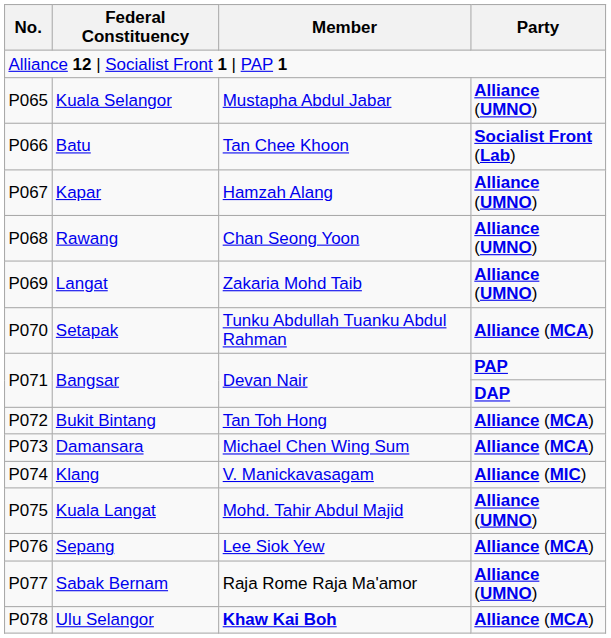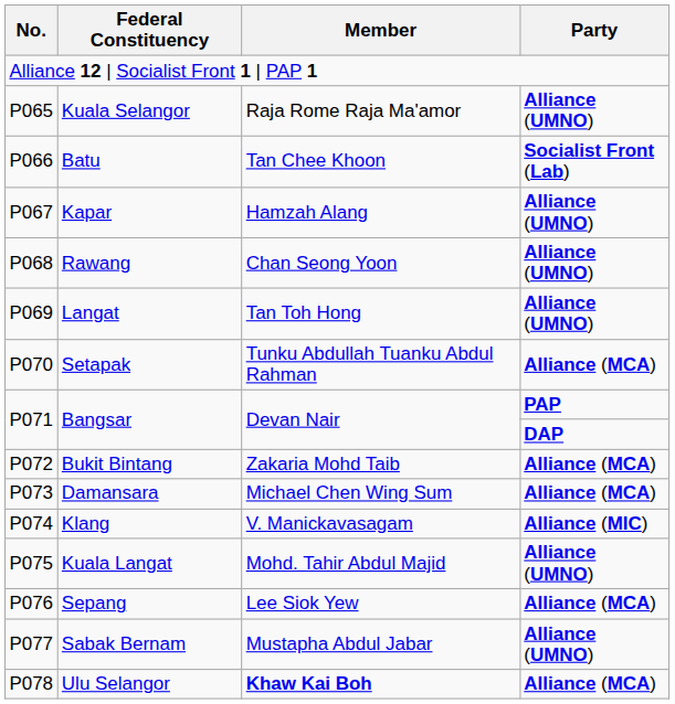 <table class="wikitable sortable">
 <tr>
 <th style="width:30px;">No.</th>
 <th style="width:150px;">Federal Constituency</th>
 <th style="width:230px;">Member</th>
 <th style="width:120px;">Party</th>
 </tr>
 <tr>
 <td colspan="4"><a href='#'>Alliance</a> <strong>12</strong> | <a href='#'>Socialist Front</a> <strong>1</strong> | <a href='#'>PAP</a> <strong>1</strong></td>
 </tr>
 <tr>
 <td>P065</td>
 <td><a href='#'>Kuala Selangor</a></td>
-<td><a href='#'>Mustapha Abdul Jabar</a></td>
+<td>Raja Rome Raja Ma'amor</td>
 <td><strong><a href='#'>Alliance</a></strong> (<strong><a href='#'>UMNO</a></strong>)</td>
 </tr>
 <tr>
 <td>P066</td>
 <td><a href='#'>Batu</a></td>
 <td><a href='#'>Tan Chee Khoon</a></td>
 <td><strong><a href='#'>Socialist Front</a></strong> (<strong><a href='#'>Lab</a></strong>)</td>
 </tr>
 <tr>
 <td>P067</td>
 <td><a href='#'>Kapar</a></td>
 <td><a href='#'>Hamzah Alang</a></td>
 <td><strong><a href='#'>Alliance</a></strong> (<strong><a href='#'>UMNO</a></strong>)</td>
 </tr>
 <tr>
 <td>P068</td>
 <td><a href='#'>Rawang</a></td>
 <td><a href='#'>Chan Seong Yoon</a></td>
 <td><strong><a href='#'>Alliance</a></strong> (<strong><a href='#'>UMNO</a></strong>)</td>
 </tr>
 <tr>
 <td>P069</td>
 <td><a href='#'>Langat</a></td>
-<td><a href='#'>Zakaria Mohd Taib</a></td>
+<td><a href='#'>Tan Toh Hong</a></td>
 <td><strong><a href='#'>Alliance</a></strong> (<strong><a href='#'>UMNO</a></strong>)</td>
 </tr>
 <tr>
 <td>P070</td>
 <td><a href='#'>Setapak</a></td>
 <td><a href='#'>Tunku Abdullah Tuanku Abdul Rahman</a></td>
 <td><strong><a href='#'>Alliance</a></strong> (<strong><a href='#'>MCA</a></strong>)</td>
 </tr>
 <tr>
 <td rowspan=2>P071</td>
 <td rowspan=2><a href='#'>Bangsar</a></td>
 <td rowspan=2><a href='#'>Devan Nair</a></td>
 <td><strong><a href='#'>PAP</a></strong></td>
 </tr>
 <tr>
 <td><strong><a href='#'>DAP</a></strong></td>
 </tr>
 <tr>
 <td>P072</td>
 <td><a href='#'>Bukit Bintang</a></td>
-<td><a href='#'>Tan Toh Hong</a></td>
+<td><a href='#'>Zakaria Mohd Taib</a></td>
 <td><strong><a href='#'>Alliance</a></strong> (<strong><a href='#'>MCA</a></strong>)</td>
 </tr>
 <tr>
 <td>P073</td>
 <td><a href='#'>Damansara</a></td>
 <td><a href='#'>Michael Chen Wing Sum</a></td>
 <td><strong><a href='#'>Alliance</a></strong> (<strong><a href='#'>MCA</a></strong>)</td>
 </tr>
 <tr>
 <td>P074</td>
 <td><a href='#'>Klang</a></td>
 <td><a href='#'>V. Manickavasagam</a></td>
 <td><strong><a href='#'>Alliance</a></strong> (<strong><a href='#'>MIC</a></strong>)</td>
 </tr>
 <tr>
 <td>P075</td>
 <td><a href='#'>Kuala Langat</a></td>
 <td><a href='#'>Mohd. Tahir Abdul Majid</a></td>
 <td><strong><a href='#'>Alliance</a></strong> (<strong><a href='#'>UMNO</a></strong>)</td>
 </tr>
 <tr>
 <td>P076</td>
 <td><a href='#'>Sepang</a></td>
 <td><a href='#'>Lee Siok Yew</a></td>
 <td><strong><a href='#'>Alliance</a></strong> (<strong><a href='#'>MCA</a></strong>)</td>
 </tr>
 <tr>
 <td>P077</td>
 <td><a href='#'>Sabak Bernam</a></td>
-<td>Raja Rome Raja Ma'amor</td>
+<td><a href='#'>Mustapha Abdul Jabar</a></td>
 <td><strong><a href='#'>Alliance</a></strong> (<strong><a href='#'>UMNO</a></strong>)</td>
 </tr>
 <tr>
 <td>P078</td>
 <td><a href='#'>Ulu Selangor</a></td>
 <td><strong><a href='#'>Khaw Kai Boh</a></strong></td>
 <td><strong><a href='#'>Alliance</a></strong> (<strong><a href='#'>MCA</a></strong>)</td>
 </tr>
 </table>
